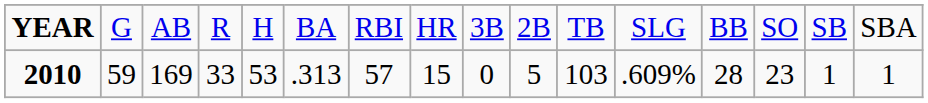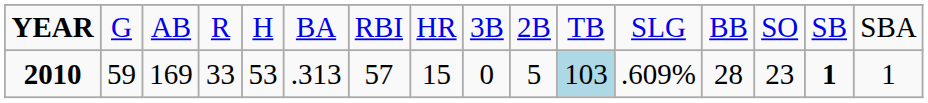 <table class="sortable wikitable">
 <tr align=center>
 <td><strong>YEAR</strong></td>
 <td><a href='#'>G</a></td>
 <td><a href='#'>AB</a></td>
 <td><a href='#'>R</a></td>
 <td><a href='#'>H</a></td>
 <td><a href='#'>BA</a></td>
 <td><a href='#'>RBI</a></td>
 <td><a href='#'>HR</a></td>
 <td><a href='#'>3B</a></td>
 <td><a href='#'>2B</a></td>
 <td><a href='#'>TB</a></td>
 <td><a href='#'>SLG</a></td>
 <td><a href='#'>BB</a></td>
 <td><a href='#'>SO</a></td>
 <td><a href='#'>SB</a></td>
 <td>SBA</td>
 </tr>
 <tr align=center>
 <td><strong>2010</strong></td>
 <td>59</td>
 <td>169</td>
 <td>33</td>
 <td>53</td>
 <td>.313</td>
 <td>57</td>
 <td>15</td>
 <td>0</td>
 <td>5</td>
-<td>103</td>
+<td style="background: lightblue;">103</td>
 <td>.609%</td>
 <td>28</td>
 <td>23</td>
-<td>1</td>
+<td><strong>1</strong></td>
 <td>1</td>
 </tr>
 </table>
